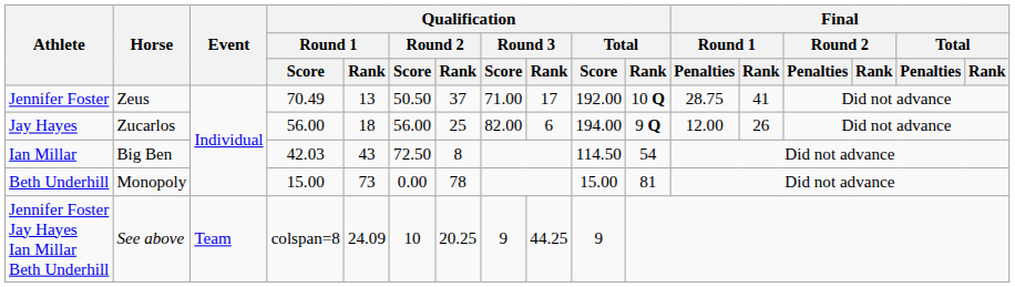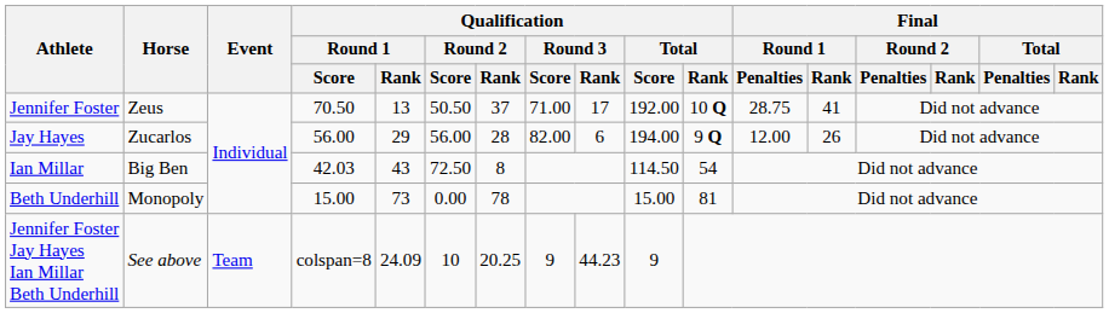 <table class=wikitable style="font-size:90%">
 <tr>
 <th rowspan="3">Athlete</th>
 <th rowspan="3">Horse</th>
 <th rowspan="3">Event</th>
 <th colspan="8">Qualification</th>
 <th colspan="6">Final</th>
 </tr>
 <tr style="font-size:95%">
 <th colspan=2>Round 1</th>
 <th colspan=2>Round 2</th>
 <th colspan=2>Round 3</th>
 <th colspan=2>Total</th>
 <th colspan=2>Round 1</th>
 <th colspan=2>Round 2</th>
 <th colspan=2>Total</th>
 </tr>
 <tr style="font-size:95%">
 <th>Score</th>
 <th>Rank</th>
 <th>Score</th>
 <th>Rank</th>
 <th>Score</th>
 <th>Rank</th>
 <th>Score</th>
 <th>Rank</th>
 <th>Penalties</th>
 <th>Rank</th>
 <th>Penalties</th>
 <th>Rank</th>
 <th>Penalties</th>
 <th>Rank</th>
 </tr>
 <tr align=center>
 <td align=left><a href='#'>Jennifer Foster</a></td>
 <td align=left>Zeus</td>
 <td align=left rowspan=4><a href='#'>Individual</a></td>
-<td>70.49</td>
+<td>70.50</td>
 <td>13</td>
 <td>50.50</td>
 <td>37</td>
 <td>71.00</td>
 <td>17</td>
 <td>192.00</td>
 <td>10 <strong>Q</strong></td>
 <td>28.75</td>
 <td>41</td>
 <td colspan=4>Did not advance</td>
 </tr>
 <tr align=center>
 <td align=left><a href='#'>Jay Hayes</a></td>
 <td align=left>Zucarlos</td>
 <td>56.00</td>
-<td>18</td>
+<td>29</td>
 <td>56.00</td>
-<td>25</td>
+<td>28</td>
 <td>82.00</td>
 <td>6</td>
 <td>194.00</td>
 <td>9 <strong>Q</strong></td>
 <td>12.00</td>
 <td>26</td>
 <td colspan=4>Did not advance</td>
 </tr>
 <tr align=center>
 <td align=left><a href='#'>Ian Millar</a></td>
 <td align=left>Big Ben</td>
 <td>42.03</td>
 <td>43</td>
 <td>72.50</td>
 <td>8</td>
 <td colspan=2></td>
 <td>114.50</td>
 <td>54</td>
 <td colspan=6>Did not advance</td>
 </tr>
 <tr align=center>
 <td align=left><a href='#'>Beth Underhill</a></td>
 <td align=left>Monopoly</td>
 <td>15.00</td>
 <td>73</td>
 <td>0.00</td>
 <td>78</td>
 <td colspan=2></td>
 <td>15.00</td>
 <td>81</td>
 <td colspan=6>Did not advance</td>
 </tr>
 <tr align=center>
 <td align=left><a href='#'>Jennifer Foster</a><br><a href='#'>Jay Hayes</a><br><a href='#'>Ian Millar</a><br><a href='#'>Beth Underhill</a></td>
 <td align=left><em>See above</em></td>
 <td align=left><a href='#'>Team</a></td>
 <td>colspan=8</td>
 <td>24.09</td>
 <td>10</td>
 <td>20.25</td>
 <td>9</td>
-<td>44.25</td>
+<td>44.23</td>
 <td>9</td>
 </tr>
 </table>
